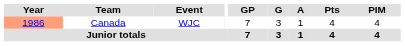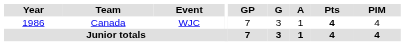 <table border="0" cellpadding="1" cellspacing="0" ID="Table3" style="text-align:center; width:40em">
 <tr bgcolor="#e0e0e0">
 <th>Year</th>
 <th>Team</th>
 <th>Event</th>
 <th rowspan="102" bgcolor="#ffffff"></th>
 <th>GP</th>
 <th>G</th>
 <th>A</th>
 <th>Pts</th>
 <th>PIM</th>
 </tr>
 <tr>
-<td style="background: lightsalmon;"><a href='#'>1986</a></td>
+<td><a href='#'>1986</a></td>
 <td><a href='#'>Canada</a></td>
 <td><a href='#'>WJC</a></td>
 <td>7</td>
 <td>3</td>
 <td>1</td>
-<td>4</td>
+<td><strong>4</strong></td>
 <td>4</td>
 </tr>
 <tr bgcolor="#e0e0e0">
 <th colspan="4">Junior totals</th>
 <th>7</th>
 <th>3</th>
 <th>1</th>
 <th>4</th>
 <th>4</th>
 </tr>
 </table>
